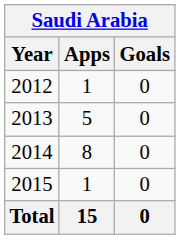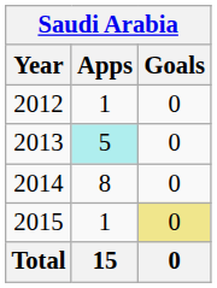 <table class="wikitable" style="text-align:center">
 <tr>
 <th colspan=3><a href='#'>Saudi Arabia</a></th>
 </tr>
 <tr>
 <th>Year</th>
 <th>Apps</th>
 <th>Goals</th>
 </tr>
 <tr>
 <td>2012</td>
 <td>1</td>
 <td>0</td>
 </tr>
 <tr>
 <td>2013</td>
-<td>5</td>
+<td style="background: paleturquoise;">5</td>
 <td>0</td>
 </tr>
 <tr>
 <td>2014</td>
 <td>8</td>
 <td>0</td>
 </tr>
 <tr>
 <td>2015</td>
 <td>1</td>
-<td>0</td>
+<td style="background: khaki;">0</td>
 </tr>
 <tr>
 <th>Total</th>
 <th>15</th>
 <th>0</th>
 </tr>
 </table>
